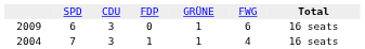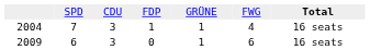 <table border="0" cellpadding="2" cellspacing="0" width="450">
 <tr bgcolor="#eeeeee" align="center">
 <td></td>
 <td><a href='#'>SPD</a></td>
 <td><a href='#'>CDU</a></td>
 <td><a href='#'>FDP</a></td>
 <td><a href='#'>GRÜNE</a></td>
 <td><a href='#'>FWG</a></td>
 <td><strong>Total</strong></td>
 </tr>
 <tr align="center">
+<td>2004</td>
+<td>7</td>
+<td>3</td>
+<td>1</td>
+<td>1</td>
+<td>4</td>
+<td>16 seats</td>
+</tr>
+<tr align="center">
 <td>2009</td>
 <td>6</td>
 <td>3</td>
 <td>0</td>
 <td>1</td>
 <td>6</td>
 <td>16 seats</td>
 </tr>
-<tr align="center">
-<td>2004</td>
-<td>7</td>
-<td>3</td>
-<td>1</td>
-<td>1</td>
-<td>4</td>
-<td>16 seats</td>
-</tr>
 </table>
